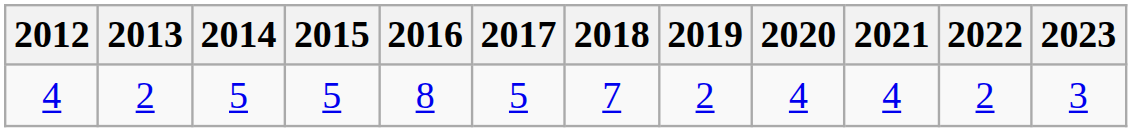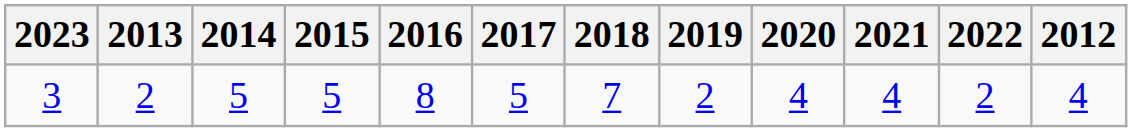 <table class="wikitable">
 <tr>
-<th>2012</th>
+<th>2023</th>
 <th>2013</th>
 <th>2014</th>
 <th>2015</th>
 <th>2016</th>
 <th>2017</th>
 <th>2018</th>
 <th>2019</th>
 <th>2020</th>
 <th>2021</th>
 <th>2022</th>
-<th>2023</th>
+<th>2012</th>
 </tr>
 <tr align="center">
-<td><a href='#'>4</a></td>
+<td><a href='#'>3</a></td>
 <td><a href='#'>2</a></td>
 <td><a href='#'>5</a></td>
 <td><a href='#'>5</a></td>
 <td><a href='#'>8</a></td>
 <td><a href='#'>5</a></td>
 <td><a href='#'>7</a></td>
 <td><a href='#'>2</a></td>
 <td><a href='#'>4</a></td>
 <td><a href='#'>4</a></td>
 <td><a href='#'>2</a></td>
-<td><a href='#'>3</a></td>
+<td><a href='#'>4</a></td>
 </tr>
 </table>
